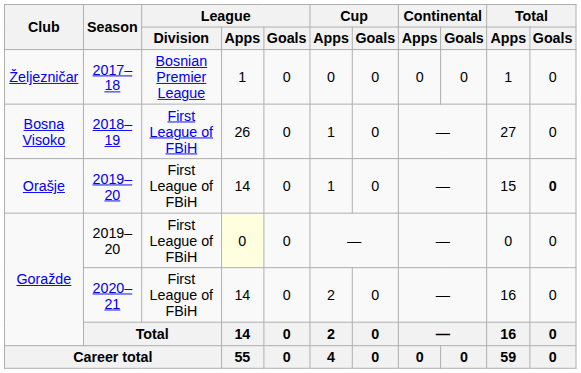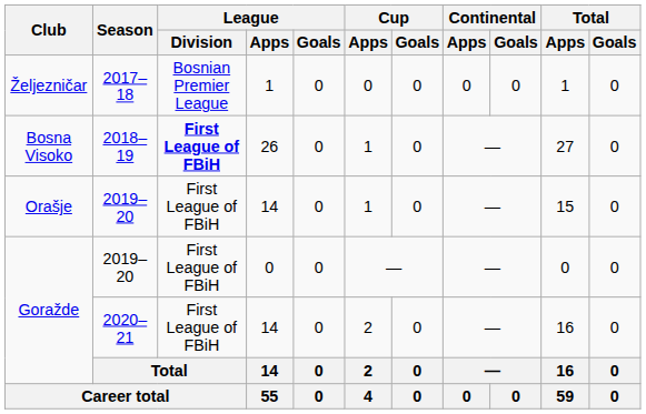 <table class=wikitable style="text-align: center;font-size:95%">
 <tr>
 <th rowspan=2>Club</th>
 <th rowspan=2>Season</th>
 <th colspan=3>League</th>
 <th colspan=2>Cup</th>
 <th colspan=2>Continental</th>
 <th colspan=2>Total</th>
 </tr>
 <tr>
 <th>Division</th>
 <th>Apps</th>
 <th>Goals</th>
 <th>Apps</th>
 <th>Goals</th>
 <th>Apps</th>
 <th>Goals</th>
 <th>Apps</th>
 <th>Goals</th>
 </tr>
 <tr>
 <td><a href='#'>Željezničar</a></td>
 <td><a href='#'>2017–18</a></td>
 <td><a href='#'>Bosnian Premier League</a></td>
 <td>1</td>
 <td>0</td>
 <td>0</td>
 <td>0</td>
 <td>0</td>
 <td>0</td>
 <td>1</td>
 <td>0</td>
 </tr>
 <tr>
 <td><a href='#'>Bosna Visoko</a></td>
 <td><a href='#'>2018–19</a></td>
-<td><a href='#'>First League of FBiH</a></td>
+<td><strong><a href='#'>First League of FBiH</a></strong></td>
 <td>26</td>
 <td>0</td>
 <td>1</td>
 <td>0</td>
 <td colspan=2>—</td>
 <td>27</td>
 <td>0</td>
 </tr>
 <tr>
 <td><a href='#'>Orašje</a></td>
 <td><a href='#'>2019–20</a></td>
 <td>First League of FBiH</td>
 <td>14</td>
 <td>0</td>
 <td>1</td>
 <td>0</td>
 <td colspan=2>—</td>
 <td>15</td>
-<td><strong>0</strong></td>
+<td>0</td>
 </tr>
 <tr>
 <td rowspan=3><a href='#'>Goražde</a></td>
 <td>2019–20</td>
 <td>First League of FBiH</td>
-<td style="background: lightyellow;">0</td>
+<td>0</td>
 <td>0</td>
 <td colspan=2>—</td>
 <td colspan=2>—</td>
 <td>0</td>
 <td>0</td>
 </tr>
 <tr>
 <td><a href='#'>2020–21</a></td>
 <td>First League of FBiH</td>
 <td>14</td>
 <td>0</td>
 <td>2</td>
 <td>0</td>
 <td colspan=2>—</td>
 <td>16</td>
 <td>0</td>
 </tr>
 <tr>
 <th colspan=2>Total</th>
 <th>14</th>
 <th>0</th>
 <th>2</th>
 <th>0</th>
 <th colspan=2>—</th>
 <th>16</th>
 <th>0</th>
 </tr>
 <tr>
 <th colspan=3>Career total</th>
 <th>55</th>
 <th>0</th>
 <th>4</th>
 <th>0</th>
 <th>0</th>
 <th>0</th>
 <th>59</th>
 <th>0</th>
 </tr>
 </table>
